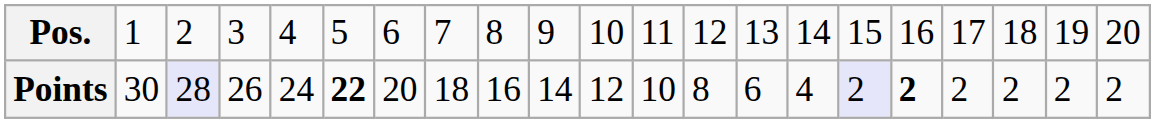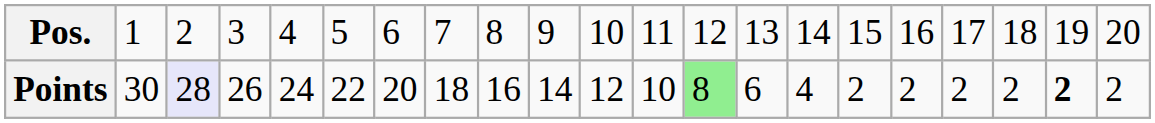 <table class="wikitable">
 <tr>
 <th>Pos.</th>
 <td>1</td>
 <td>2</td>
 <td>3</td>
 <td>4</td>
 <td>5</td>
 <td>6</td>
 <td>7</td>
 <td>8</td>
 <td>9</td>
 <td>10</td>
 <td>11</td>
 <td>12</td>
 <td>13</td>
 <td>14</td>
 <td>15</td>
 <td>16</td>
 <td>17</td>
 <td>18</td>
 <td>19</td>
 <td>20</td>
 </tr>
 <tr>
 <th>Points</th>
 <td>30</td>
 <td style="background: lavender;">28</td>
 <td>26</td>
 <td>24</td>
-<td><strong>22</strong></td>
+<td>22</td>
 <td>20</td>
 <td>18</td>
 <td>16</td>
 <td>14</td>
 <td>12</td>
 <td>10</td>
-<td>8</td>
+<td style="background: lightgreen;">8</td>
 <td>6</td>
 <td>4</td>
-<td style="background: lavender;">2</td>
-<td><strong>2</strong></td>
 <td>2</td>
 <td>2</td>
 <td>2</td>
 <td>2</td>
+<td><strong>2</strong></td>
+<td>2</td>
 </tr>
 </table>
